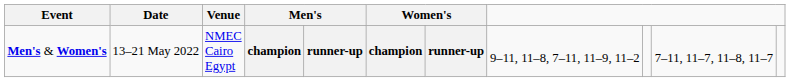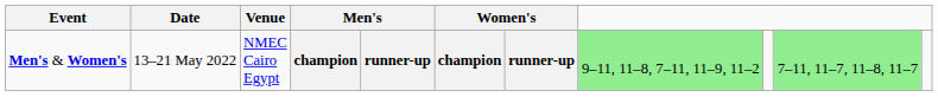 <table class="wikitable sortable" style="font-size: 90%">
 <tr>
 <th rowspan=2>Event</th>
 <th class=unsortable rowspan=2>Date</th>
 <th rowspan=2>Venue</th>
 <th colspan=2>Men's</th>
 <th colspan=2>Women's</th>
 </tr>
 <tr>
 <th rowspan=2>champion</th>
 <th rowspan=2>runner-up</th>
 <th rowspan=2>champion</th>
 <th rowspan=2>runner-up</th>
 </tr>
 <tr>
 <td><a href='#'><strong>Men's</strong></a> & <a href='#'><strong>Women's</strong></a></td>
 <td rowspan=2>13–21 May 2022</td>
 <td rowspan=2><a href='#'>NMEC</a><br><a href='#'>Cairo</a><br><a href='#'>Egypt</a></td>
-<td><strong></strong><br>9–11, 11–8, 7–11, 11–9, 11–2</td>
+<td style="background: lightgreen;"><strong></strong><br>9–11, 11–8, 7–11, 11–9, 11–2</td>
 <td><br> </td>
-<td><strong></strong><br>7–11, 11–7, 11–8, 11–7</td>
+<td style="background: lightgreen;"><strong></strong><br>7–11, 11–7, 11–8, 11–7</td>
 <td><br> </td>
 </tr>
 </table>
